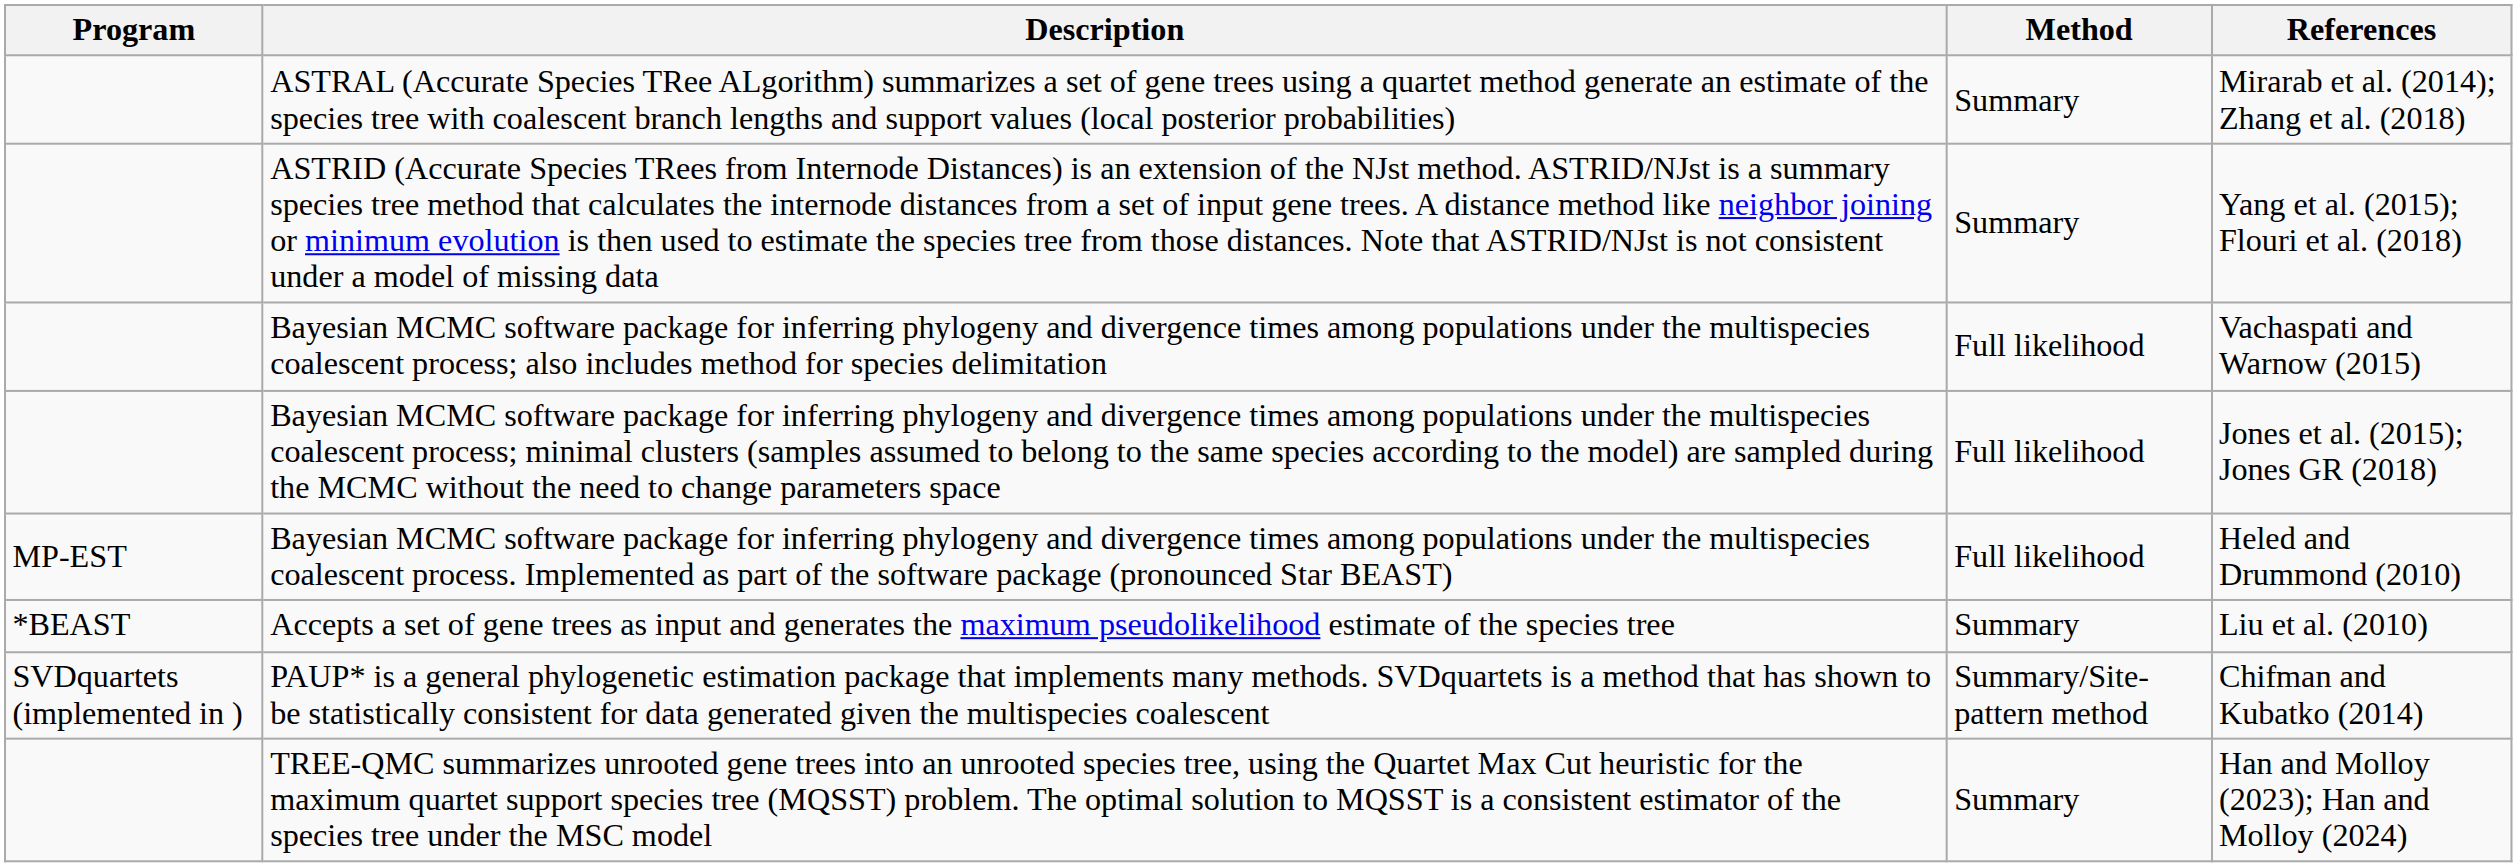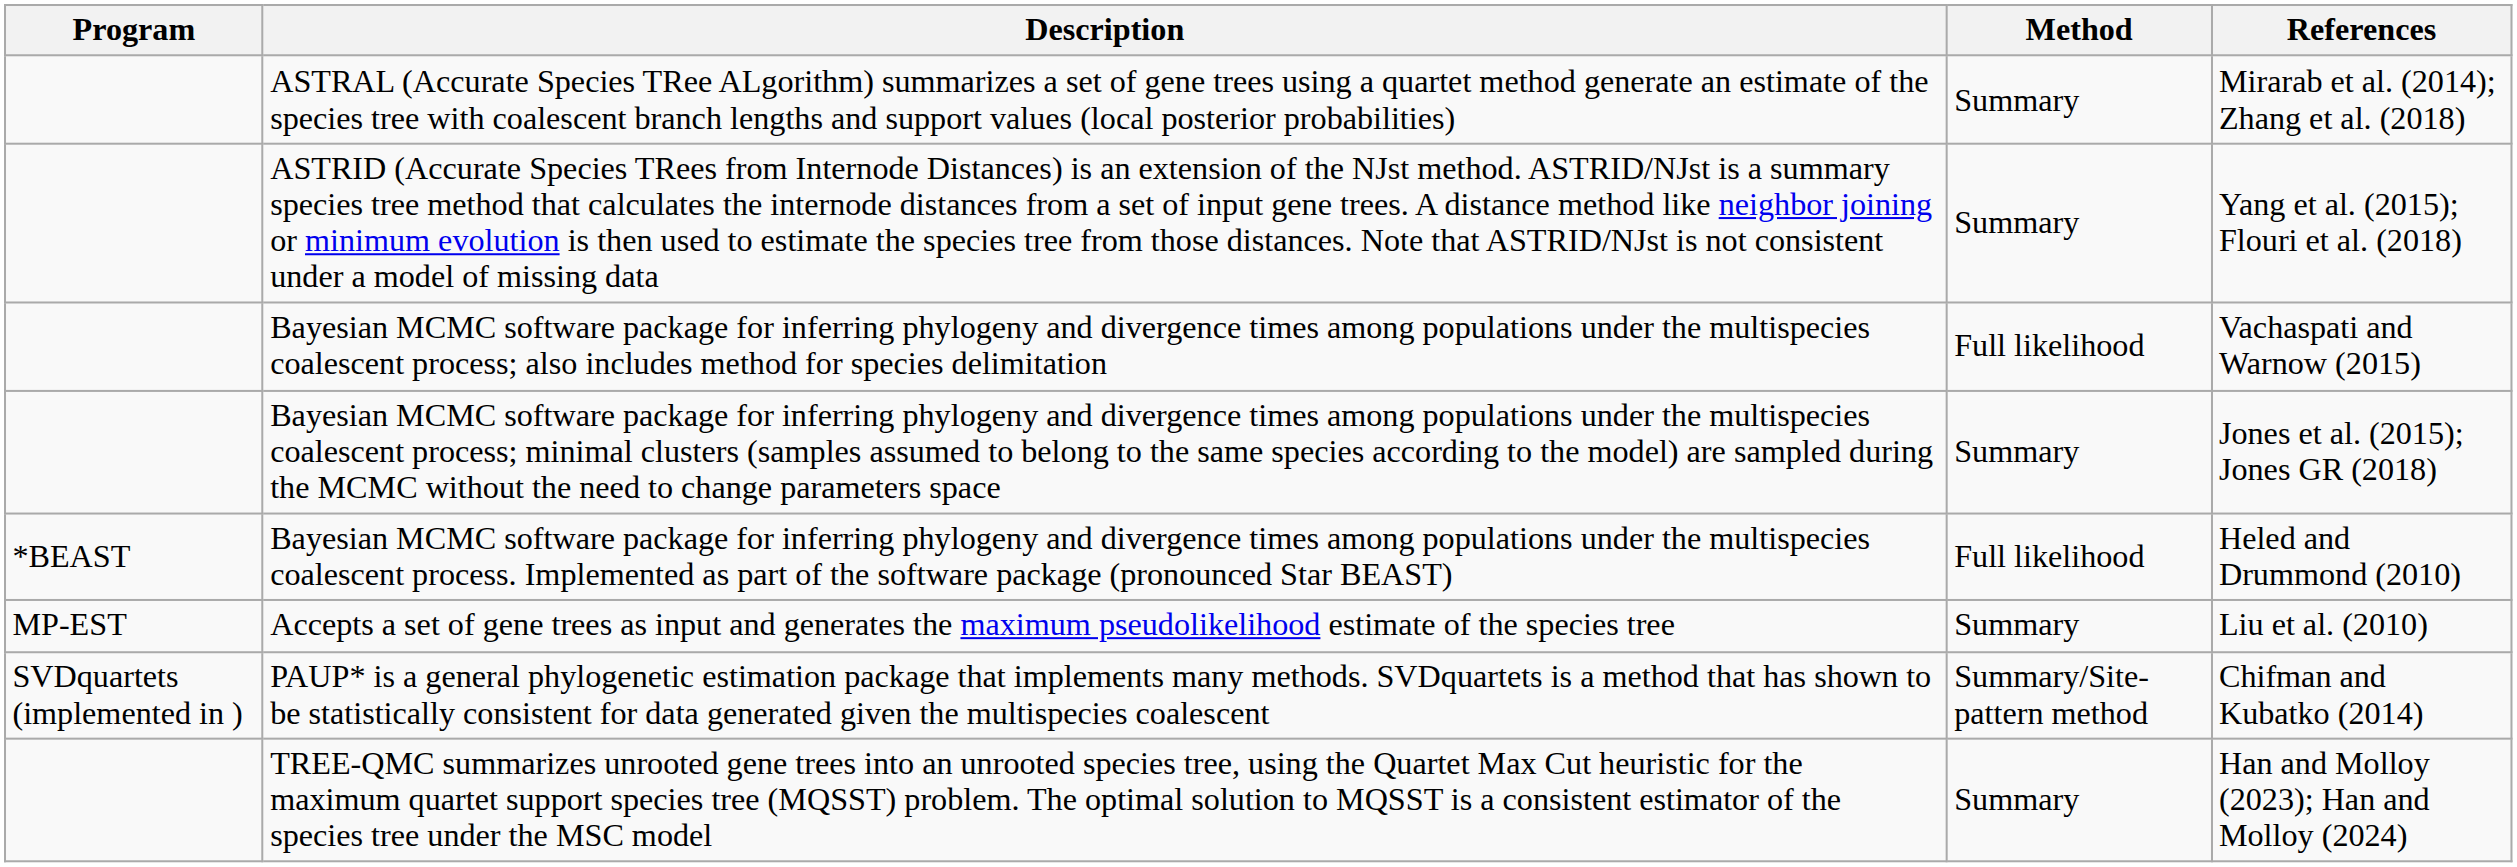 <table class="wikitable">
 <tr>
 <th>Program</th>
 <th>Description</th>
 <th>Method</th>
 <th>References</th>
 </tr>
 <tr>
 <td></td>
 <td>ASTRAL (Accurate Species TRee ALgorithm) summarizes a set of gene trees using a quartet method generate an estimate of the species tree with coalescent branch lengths and support values (local posterior probabilities)</td>
 <td>Summary</td>
 <td>Mirarab et al. (2014); Zhang et al. (2018)</td>
 </tr>
 <tr>
 <td></td>
 <td>ASTRID (Accurate Species TRees from Internode Distances) is an extension of the NJst method. ASTRID/NJst is a summary species tree method that calculates the internode distances from a set of input gene trees. A distance method like <a href='#'>neighbor joining</a> or <a href='#'>minimum evolution</a> is then used to estimate the species tree from those distances. Note that ASTRID/NJst is not consistent under a model of missing data</td>
 <td>Summary</td>
 <td>Yang et al. (2015); Flouri et al. (2018)</td>
 </tr>
 <tr>
 <td></td>
 <td>Bayesian MCMC software package for inferring phylogeny and divergence times among populations under the multispecies coalescent process; also includes method for species delimitation</td>
 <td>Full likelihood</td>
 <td>Vachaspati and Warnow (2015)</td>
 </tr>
 <tr>
 <td></td>
 <td>Bayesian MCMC software package for inferring phylogeny and divergence times among populations under the multispecies coalescent process; minimal clusters (samples assumed to belong to the same species according to the model) are sampled during the MCMC without the need to change parameters space</td>
-<td>Full likelihood</td>
+<td>Summary</td>
 <td>Jones et al. (2015); Jones GR (2018)</td>
 </tr>
 <tr>
-<td>MP-EST</td>
+<td>*BEAST</td>
 <td>Bayesian MCMC software package for inferring phylogeny and divergence times among populations under the multispecies coalescent process. Implemented as part of the  software package (pronounced Star BEAST)</td>
 <td>Full likelihood</td>
 <td>Heled and Drummond (2010)</td>
 </tr>
 <tr>
-<td>*BEAST</td>
+<td>MP-EST</td>
 <td>Accepts a set of gene trees as input and generates the <a href='#'>maximum pseudolikelihood</a> estimate of the species tree</td>
 <td>Summary</td>
 <td>Liu et al. (2010)</td>
 </tr>
 <tr>
 <td>SVDquartets (implemented in )</td>
 <td>PAUP* is a general phylogenetic estimation package that implements many methods. SVDquartets is a method that has shown to be statistically consistent for data generated given the multispecies coalescent</td>
 <td>Summary/Site-pattern method</td>
 <td>Chifman and Kubatko (2014)</td>
 </tr>
 <tr>
 <td></td>
 <td>TREE-QMC summarizes unrooted gene trees into an unrooted species tree, using the Quartet Max Cut heuristic  for the maximum quartet support species tree (MQSST) problem. The optimal solution to MQSST is a consistent estimator of the species tree under the MSC model  </td>
 <td>Summary</td>
 <td>Han and Molloy (2023); Han and Molloy (2024) </td>
 </tr>
 </table>
